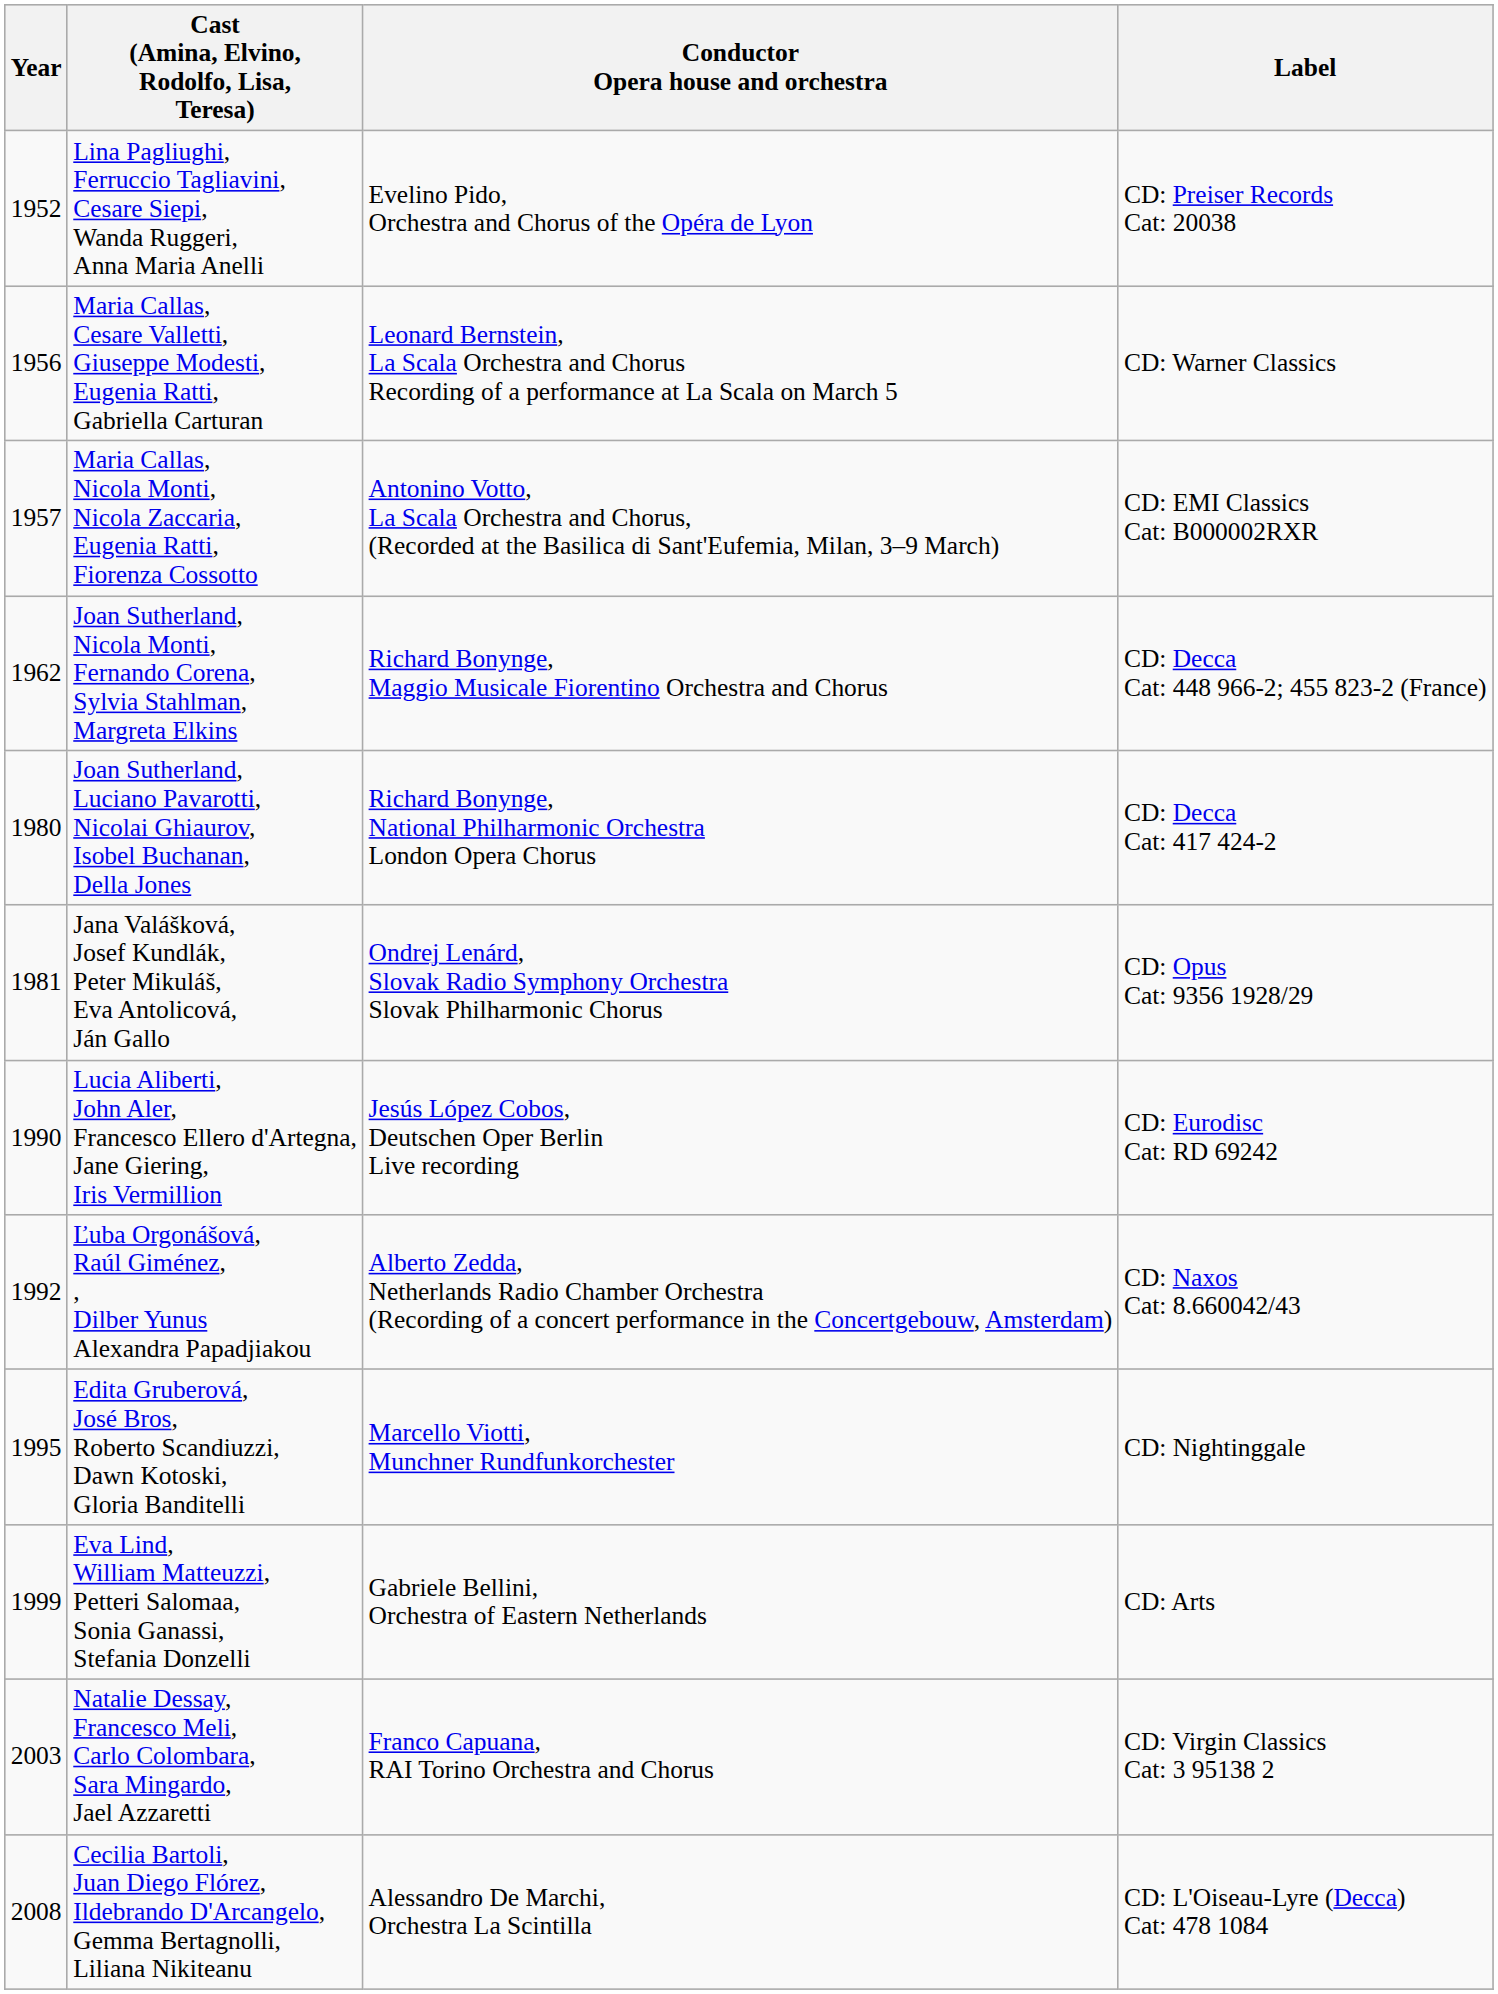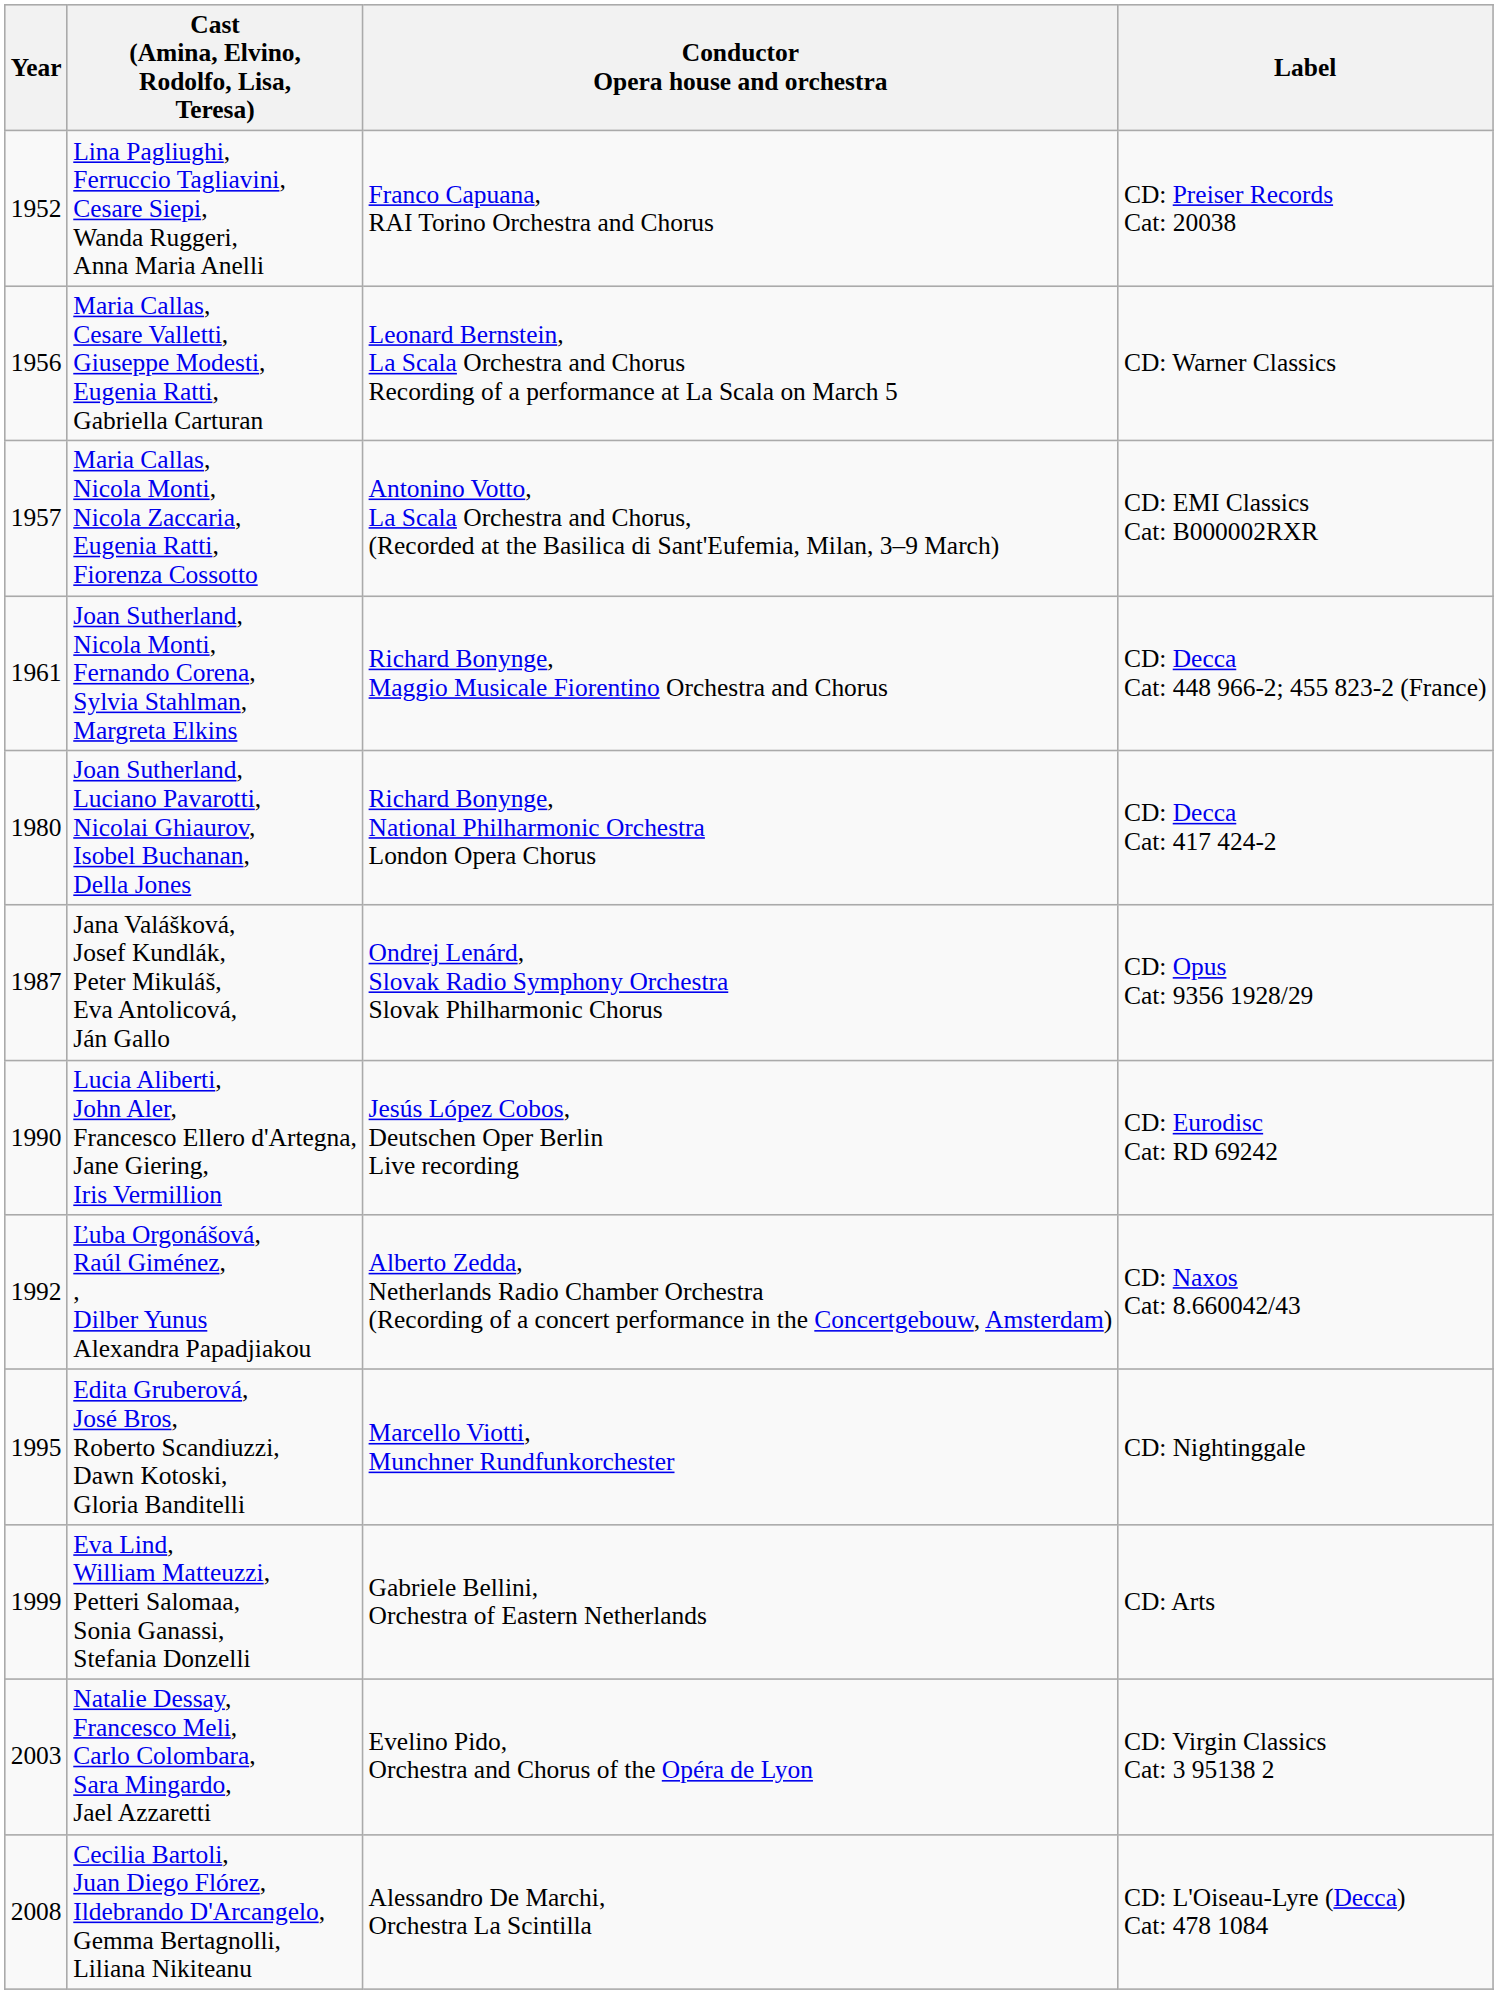 <table class="wikitable">
 <tr>
 <th>Year</th>
 <th>Cast<br>(Amina, Elvino,<br>Rodolfo, Lisa,<br>Teresa)</th>
 <th>Conductor<br>Opera house and orchestra</th>
 <th>Label</th>
 </tr>
 <tr>
 <td>1952</td>
 <td><a href='#'>Lina Pagliughi</a>,<br><a href='#'>Ferruccio Tagliavini</a>,<br><a href='#'>Cesare Siepi</a>,<br>Wanda Ruggeri,<br>Anna Maria Anelli</td>
-<td>Evelino Pido,<br>Orchestra and Chorus of the <a href='#'>Opéra de Lyon</a></td>
+<td><a href='#'>Franco Capuana</a>,<br>RAI Torino Orchestra and Chorus</td>
 <td>CD: <a href='#'>Preiser Records</a><br>Cat: 20038</td>
 </tr>
 <tr>
 <td>1956</td>
 <td><a href='#'>Maria Callas</a>,<br><a href='#'>Cesare Valletti</a>,<br><a href='#'>Giuseppe Modesti</a>,<br><a href='#'>Eugenia Ratti</a>,<br>Gabriella Carturan</td>
 <td><a href='#'>Leonard Bernstein</a>,<br><a href='#'>La Scala</a> Orchestra and Chorus<br>Recording of a performance at La Scala on March 5</td>
 <td>CD: Warner Classics</td>
 </tr>
 <tr>
 <td>1957</td>
 <td><a href='#'>Maria Callas</a>,<br><a href='#'>Nicola Monti</a>,<br><a href='#'>Nicola Zaccaria</a>,<br><a href='#'>Eugenia Ratti</a>,<br><a href='#'>Fiorenza Cossotto</a></td>
 <td><a href='#'>Antonino Votto</a>,<br><a href='#'>La Scala</a> Orchestra and Chorus,<br>(Recorded at the Basilica di Sant'Eufemia, Milan, 3–9 March)</td>
 <td>CD: EMI Classics<br>Cat: B000002RXR</td>
 </tr>
 <tr>
-<td>1962</td>
+<td>1961</td>
 <td><a href='#'>Joan Sutherland</a>,<br><a href='#'>Nicola Monti</a>,<br><a href='#'>Fernando Corena</a>,<br><a href='#'>Sylvia Stahlman</a>,<br><a href='#'>Margreta Elkins</a></td>
 <td><a href='#'>Richard Bonynge</a>,<br><a href='#'>Maggio Musicale Fiorentino</a> Orchestra and Chorus</td>
 <td>CD: <a href='#'>Decca</a><br>Cat: 448 966-2; 455 823-2 (France)</td>
 </tr>
 <tr>
 <td>1980</td>
 <td><a href='#'>Joan Sutherland</a>,<br><a href='#'>Luciano Pavarotti</a>,<br><a href='#'>Nicolai Ghiaurov</a>,<br><a href='#'>Isobel Buchanan</a>,<br><a href='#'>Della Jones</a></td>
 <td><a href='#'>Richard Bonynge</a>,<br><a href='#'>National Philharmonic Orchestra</a><br>London Opera Chorus</td>
 <td>CD: <a href='#'>Decca</a><br>Cat: 417 424-2</td>
 </tr>
 <tr>
-<td>1981</td>
+<td>1987</td>
 <td>Jana Valášková,<br>Josef Kundlák,<br>Peter Mikuláš,<br>Eva Antolicová,<br>Ján Gallo</td>
 <td><a href='#'>Ondrej Lenárd</a>,<br><a href='#'>Slovak Radio Symphony Orchestra</a><br>Slovak Philharmonic Chorus</td>
 <td>CD: <a href='#'>Opus</a><br>Cat: 9356 1928/29</td>
 </tr>
 <tr>
 <td>1990</td>
 <td><a href='#'>Lucia Aliberti</a>,<br><a href='#'>John Aler</a>,<br>Francesco Ellero d'Artegna,<br>Jane Giering,<br><a href='#'>Iris Vermillion</a></td>
 <td><a href='#'>Jesús López Cobos</a>,<br>Deutschen Oper Berlin<br>Live recording</td>
 <td>CD: <a href='#'>Eurodisc</a><br>Cat: RD 69242</td>
 </tr>
 <tr>
 <td>1992</td>
 <td><a href='#'>Ľuba Orgonášová</a>,<br><a href='#'>Raúl Giménez</a>,<br>,<br><a href='#'>Dilber Yunus</a><br>Alexandra Papadjiakou</td>
 <td><a href='#'>Alberto Zedda</a>,<br>Netherlands Radio Chamber Orchestra<br>(Recording of a concert performance in the <a href='#'>Concertgebouw</a>, <a href='#'>Amsterdam</a>)</td>
 <td>CD: <a href='#'>Naxos</a><br>Cat: 8.660042/43</td>
 </tr>
 <tr>
 <td>1995</td>
 <td><a href='#'>Edita Gruberová</a>,<br><a href='#'>José Bros</a>,<br>Roberto Scandiuzzi,<br>Dawn Kotoski,<br>Gloria Banditelli</td>
 <td><a href='#'>Marcello Viotti</a>,<br><a href='#'>Munchner Rundfunkorchester</a><br></td>
 <td>CD: Nightinggale<br></td>
 </tr>
 <tr>
 <td>1999</td>
 <td><a href='#'>Eva Lind</a>,<br><a href='#'>William Matteuzzi</a>,<br>Petteri Salomaa,<br>Sonia Ganassi,<br>Stefania Donzelli</td>
 <td>Gabriele Bellini,<br>Orchestra of Eastern Netherlands<br></td>
 <td>CD: Arts<br></td>
 </tr>
 <tr>
 <td>2003</td>
 <td><a href='#'>Natalie Dessay</a>,<br><a href='#'>Francesco Meli</a>,<br><a href='#'>Carlo Colombara</a>,<br><a href='#'>Sara Mingardo</a>,<br>Jael Azzaretti</td>
-<td><a href='#'>Franco Capuana</a>,<br>RAI Torino Orchestra and Chorus</td>
+<td>Evelino Pido,<br>Orchestra and Chorus of the <a href='#'>Opéra de Lyon</a></td>
 <td>CD: Virgin Classics<br>Cat: 3 95138 2</td>
 </tr>
 <tr>
 <td>2008</td>
 <td><a href='#'>Cecilia Bartoli</a>,<br><a href='#'>Juan Diego Flórez</a>,<br><a href='#'>Ildebrando D'Arcangelo</a>,<br>Gemma Bertagnolli,<br>Liliana Nikiteanu</td>
 <td>Alessandro De Marchi,<br>Orchestra La Scintilla</td>
 <td>CD: L'Oiseau-Lyre (<a href='#'>Decca</a>)<br>Cat: 478 1084</td>
 </tr>
 </table>
